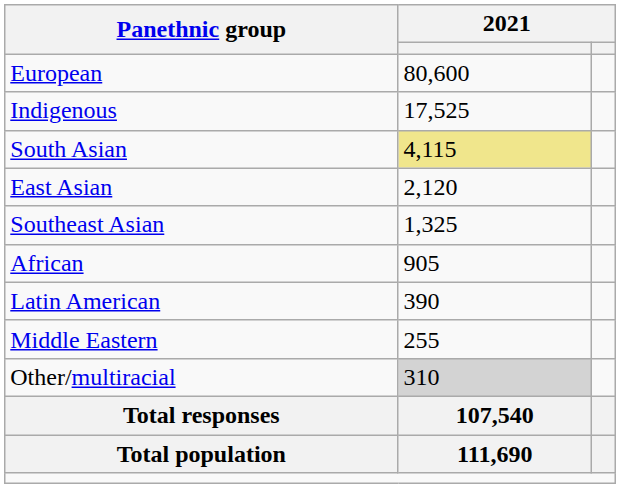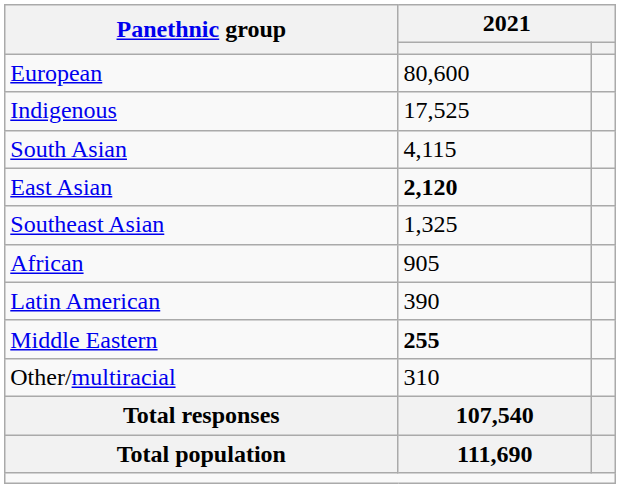 <table class="wikitable collapsible sortable">
 <tr>
 <th rowspan="2"><a href='#'>Panethnic</a> group</th>
 <th colspan="2">2021</th>
 </tr>
 <tr>
 <th><a href='#'></a></th>
 <th></th>
 </tr>
 <tr>
 <td><a href='#'>European</a></td>
 <td>80,600</td>
 <td></td>
 </tr>
 <tr>
 <td><a href='#'>Indigenous</a></td>
 <td>17,525</td>
 <td></td>
 </tr>
 <tr>
 <td><a href='#'>South Asian</a></td>
-<td style="background: khaki;">4,115</td>
+<td>4,115</td>
 <td></td>
 </tr>
 <tr>
 <td><a href='#'>East Asian</a></td>
-<td>2,120</td>
+<td><strong>2,120</strong></td>
 <td></td>
 </tr>
 <tr>
 <td><a href='#'>Southeast Asian</a></td>
 <td>1,325</td>
 <td></td>
 </tr>
 <tr>
 <td><a href='#'>African</a></td>
 <td>905</td>
 <td></td>
 </tr>
 <tr>
 <td><a href='#'>Latin American</a></td>
 <td>390</td>
 <td></td>
 </tr>
 <tr>
 <td><a href='#'>Middle Eastern</a></td>
-<td>255</td>
+<td><strong>255</strong></td>
 <td></td>
 </tr>
 <tr>
 <td>Other/<a href='#'>multiracial</a></td>
-<td style="background: lightgrey;">310</td>
+<td>310</td>
 <td></td>
 </tr>
 <tr>
 <th>Total responses</th>
 <th>107,540</th>
 <th></th>
 </tr>
 <tr class="sortbottom">
 <th>Total population</th>
 <th>111,690</th>
 <th></th>
 </tr>
 <tr class="sortbottom">
 <td colspan="15" style="width: 25em;"></td>
 </tr>
 </table>
